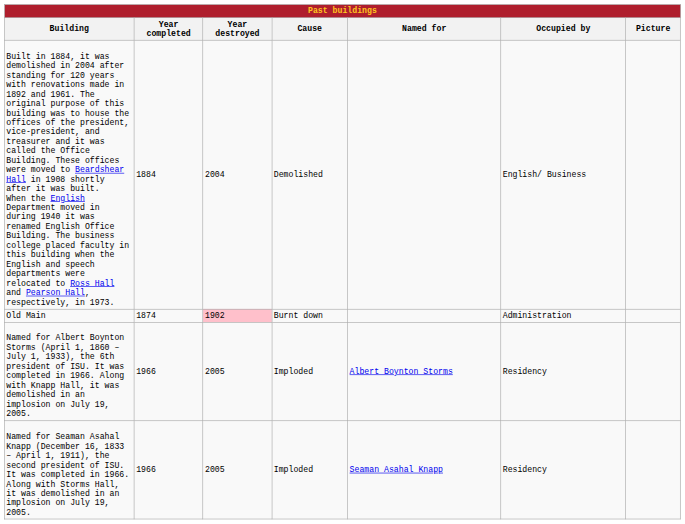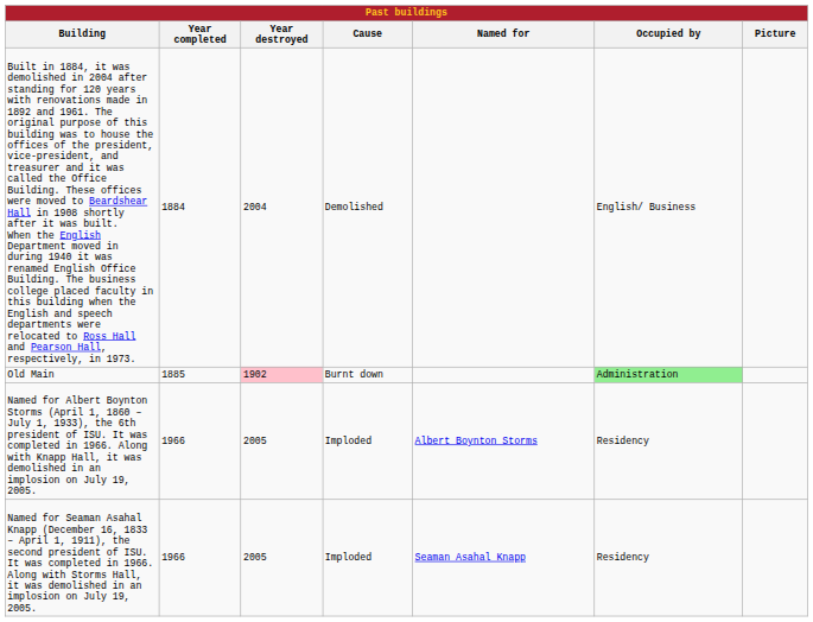 <table class="wikitable" style="width:85%">
 <tr>
 <th colspan="7" style="color:#ffc61e; background:#af1e2d;">Past buildings</th>
 </tr>
 <tr>
 <th style="width:200px">Building</th>
 <th>Year<br> completed</th>
 <th>Year<br> destroyed</th>
 <th>Cause</th>
 <th>Named for</th>
 <th>Occupied by</th>
 <th>Picture</th>
 </tr>
 <tr>
 <td><br>Built in 1884, it was demolished in 2004 after standing for 120 years with renovations made in 1892 and 1961. The original purpose of this building was to house the offices of the president, vice-president, and treasurer and it was called the Office Building. These offices were moved to <a href='#'>Beardshear Hall</a> in 1908 shortly after it was built.<br>When the <a href='#'>English</a> Department moved in during 1940 it was renamed English Office Building. The business college placed faculty in this building when the English and speech departments were relocated to <a href='#'>Ross Hall</a> and <a href='#'>Pearson Hall</a>, respectively, in 1973. </td>
 <td>1884</td>
 <td>2004</td>
 <td>Demolished</td>
 <td></td>
 <td>English/ Business</td>
 <td></td>
 </tr>
 <tr>
 <td>Old Main</td>
-<td>1874</td>
+<td>1885</td>
 <td style="background: pink;">1902</td>
 <td>Burnt down</td>
 <td></td>
-<td>Administration</td>
+<td style="background: lightgreen;">Administration</td>
 <td></td>
 </tr>
 <tr>
 <td><br>Named for Albert Boynton Storms (April 1, 1860 – July 1, 1933), the 6th president of ISU. It was completed in 1966. Along with Knapp Hall, it was demolished in an implosion on July 19, 2005. </td>
 <td>1966</td>
 <td>2005</td>
 <td>Imploded</td>
 <td><a href='#'>Albert Boynton Storms</a></td>
 <td>Residency</td>
 <td></td>
 </tr>
 <tr>
 <td><br>Named for Seaman Asahal Knapp (December 16, 1833 – April 1, 1911), the second president of ISU. It was completed in 1966. Along with Storms Hall, it was demolished in an implosion on July 19, 2005. </td>
 <td>1966</td>
 <td>2005</td>
 <td>Imploded</td>
 <td><a href='#'>Seaman Asahal Knapp</a></td>
 <td>Residency</td>
 <td></td>
 </tr>
 </table>
